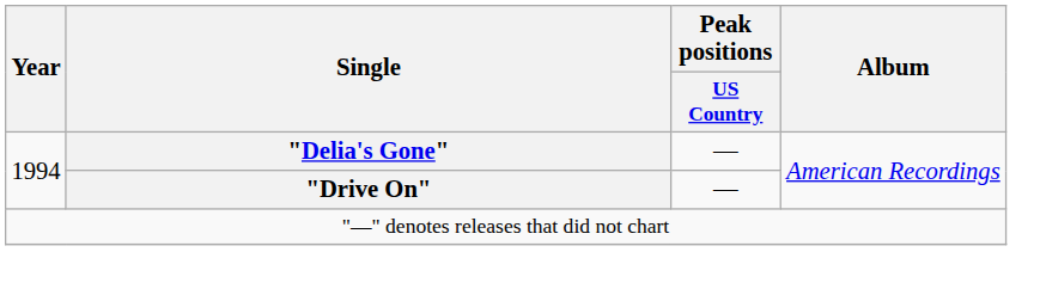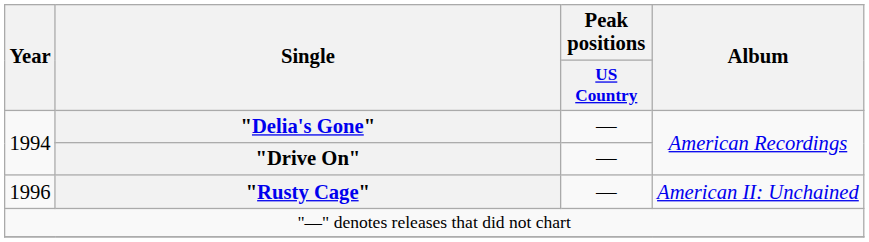 <table class="wikitable plainrowheaders" style="text-align:center;">
 <tr>
 <th rowspan="2">Year</th>
 <th rowspan="2" style="width:24em;">Single</th>
 <th colspan="1">Peak positions</th>
 <th rowspan="2">Album</th>
 </tr>
 <tr style="font-size:smaller;">
 <th width="65"><a href='#'>US Country</a><br></th>
 </tr>
 <tr>
 <td rowspan="2">1994</td>
 <th scope="row">"<a href='#'>Delia's Gone</a>"</th>
 <td>—</td>
 <td rowspan="2"><em><a href='#'>American Recordings</a></em></td>
 </tr>
 <tr>
 <th scope="row">"Drive On"</th>
 <td>—</td>
 </tr>
 <tr>
+<td>1996</td>
+<th scope="row">"<a href='#'>Rusty Cage</a>"</th>
+<td>—</td>
+<td><em><a href='#'>American II: Unchained</a></em></td>
+</tr>
+<tr>
 <td colspan="4" style="font-size:85%">"—" denotes releases that did not chart</td>
 </tr>
 <tr>
 </tr>
 </table>
